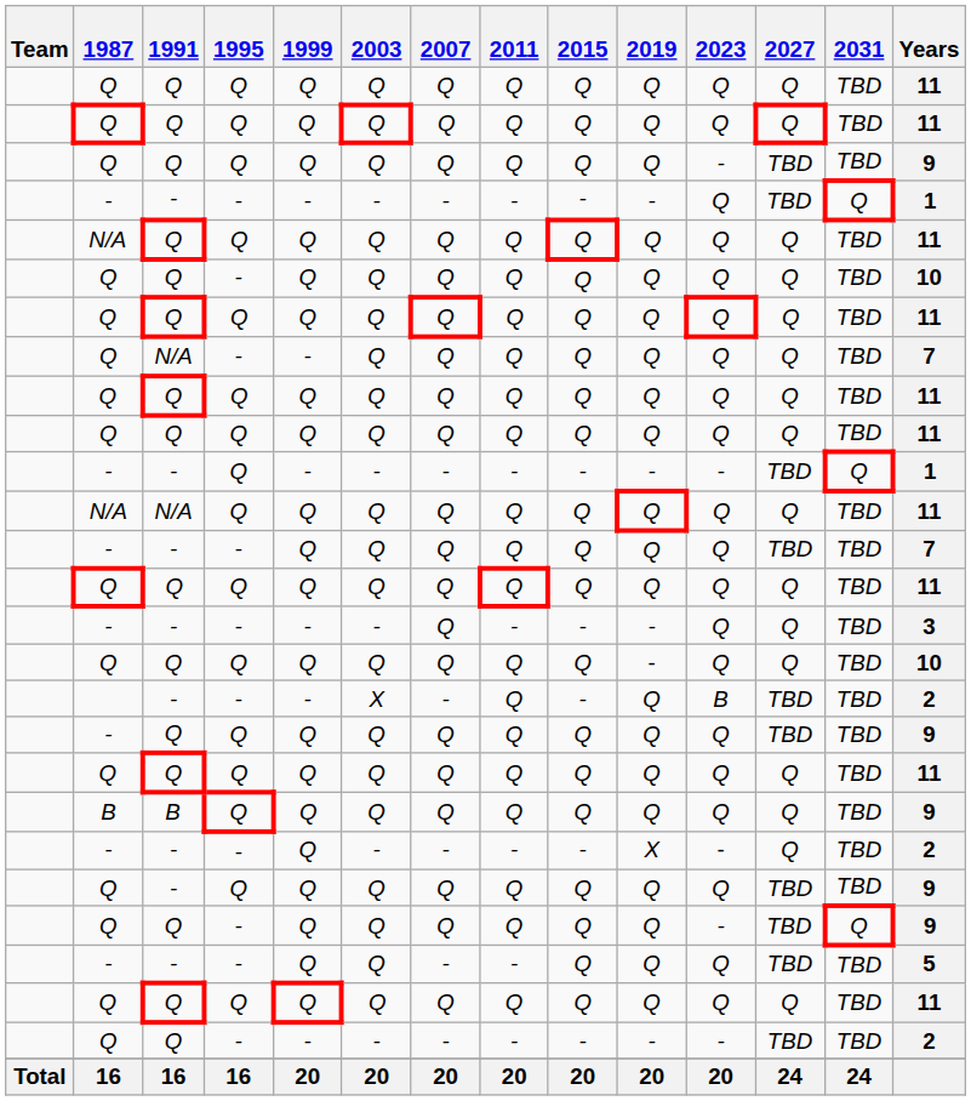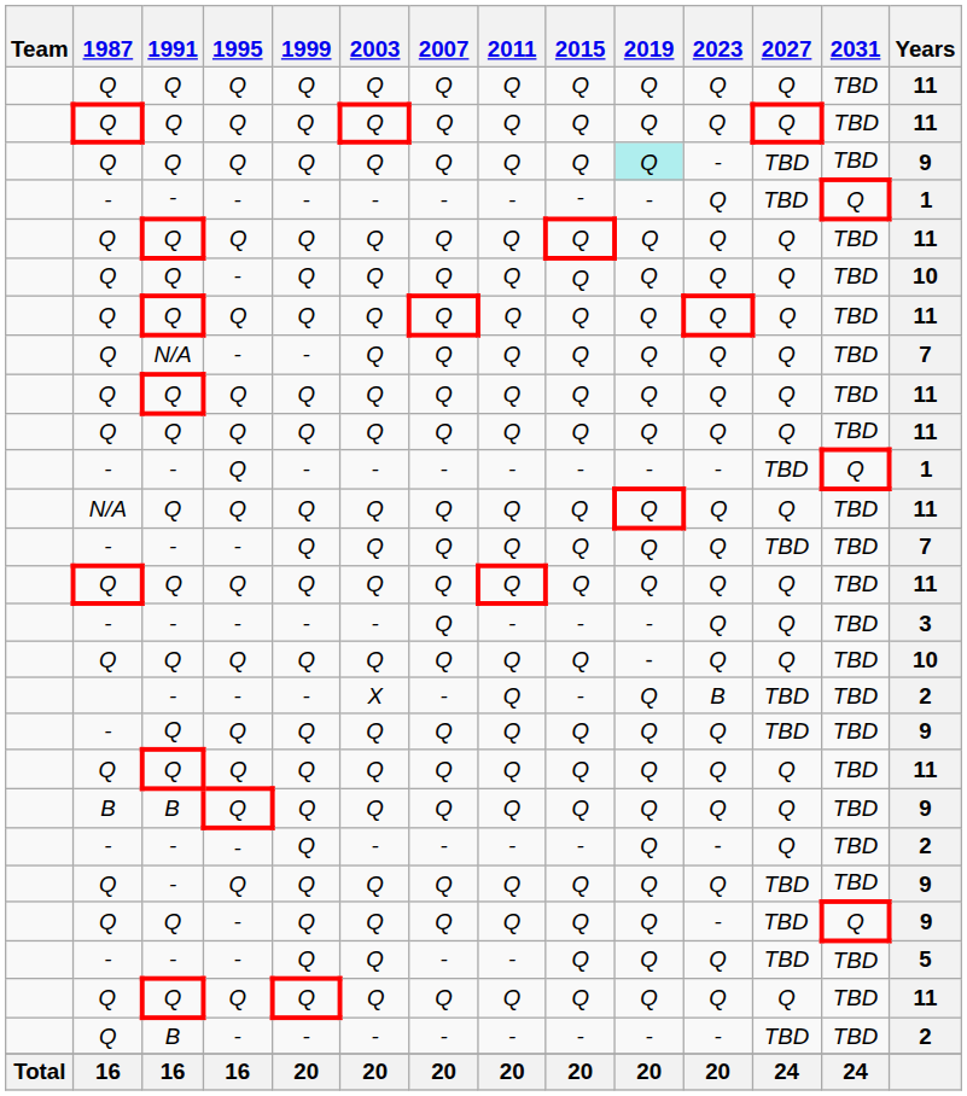 <table class="wikitable" style="text-align:center; font-size:90%">
 <tr valign="bottom">
 <th>Team</th>
 <th width=60><br><a href='#'>1987</a></th>
 <th><br><a href='#'>1991</a></th>
 <th width=60><br><a href='#'>1995</a></th>
 <th width=60><br><a href='#'>1999</a></th>
 <th width=60><br><a href='#'>2003</a></th>
 <th width=60><br><a href='#'>2007</a></th>
 <th width=60><br><a href='#'>2011</a></th>
 <th width=60><br><a href='#'>2015</a></th>
 <th width=60><br><a href='#'>2019</a></th>
 <th width=60><br><a href='#'>2023</a></th>
 <th width=60><br><a href='#'>2027</a></th>
 <th width=60><br><a href='#'>2031</a></th>
 <th>Years</th>
 </tr>
 <tr>
 <td align=left></td>
 <td><em>Q</em></td>
 <td><em>Q</em></td>
 <td><em>Q</em></td>
 <td><em>Q</em></td>
 <td><em>Q</em></td>
 <td><em>Q</em></td>
 <td><em>Q</em></td>
 <td><em>Q</em></td>
 <td><em>Q</em></td>
 <td><em>Q</em></td>
 <td><em>Q</em></td>
 <td><em>TBD</em></td>
 <th>11</th>
 </tr>
 <tr>
 <td align=left></td>
 <td style="border: 3px solid red"><em>Q</em></td>
 <td><em>Q</em></td>
 <td><em>Q</em></td>
 <td><em>Q</em></td>
 <td style="border: 3px solid red"><em>Q</em></td>
 <td><em>Q</em></td>
 <td><em>Q</em></td>
 <td><em>Q</em></td>
 <td><em>Q</em></td>
 <td><em>Q</em></td>
 <td style="border: 3px solid red"><em>Q</em></td>
 <td><em>TBD</em></td>
 <th>11</th>
 </tr>
 <tr>
 <td align=left></td>
 <td><em>Q</em></td>
 <td><em>Q</em></td>
 <td><em>Q</em></td>
 <td><em>Q</em></td>
 <td><em>Q</em></td>
 <td><em>Q</em></td>
 <td><em>Q</em></td>
 <td><em>Q</em></td>
-<td><em>Q</em></td>
+<td style="background: paleturquoise;"><em>Q</em></td>
 <td><em>-</em></td>
 <td><em>TBD</em></td>
 <td><em>TBD</em></td>
 <th>9</th>
 </tr>
 <tr>
 <td align=left></td>
 <td><em>-</em></td>
 <td><em>-</em></td>
 <td><em>-</em></td>
 <td><em>-</em></td>
 <td><em>-</em></td>
 <td><em>-</em></td>
 <td><em>-</em></td>
 <td><em>-</em></td>
 <td><em>-</em></td>
 <td><em>Q</em></td>
 <td><em>TBD</em></td>
 <td style="border: 3px solid red"><em>Q</em></td>
 <th>1</th>
 </tr>
 <tr>
 <td align=left></td>
-<td><em>N/A</em></td>
+<td><em>Q</em></td>
 <td style="border: 3px solid red"><em>Q</em></td>
 <td><em>Q</em></td>
 <td><em>Q</em></td>
 <td><em>Q</em></td>
 <td><em>Q</em></td>
 <td><em>Q</em></td>
 <td style="border: 3px solid red"><em>Q</em></td>
 <td><em>Q</em></td>
 <td><em>Q</em></td>
 <td><em>Q</em></td>
 <td><em>TBD</em></td>
 <th>11</th>
 </tr>
 <tr>
 <td align=left></td>
 <td><em>Q</em></td>
 <td><em>Q</em></td>
 <td><em>-</em></td>
 <td><em>Q</em></td>
 <td><em>Q</em></td>
 <td><em>Q</em></td>
 <td><em>Q</em></td>
 <td><em>Q</em></td>
 <td><em>Q</em></td>
 <td><em>Q</em></td>
 <td><em>Q</em></td>
 <td><em>TBD</em></td>
 <th>10</th>
 </tr>
 <tr>
 <td align=left></td>
 <td><em>Q</em></td>
 <td style="border: 3px solid red"><em>Q</em></td>
 <td><em>Q</em></td>
 <td><em>Q</em></td>
 <td><em>Q</em></td>
 <td style="border: 3px solid red"><em>Q</em></td>
 <td><em>Q</em></td>
 <td><em>Q</em></td>
 <td><em>Q</em></td>
 <td style="border: 3px solid red"><em>Q</em></td>
 <td><em>Q</em></td>
 <td><em>TBD</em></td>
 <th>11</th>
 </tr>
 <tr>
 <td align=left></td>
 <td><em>Q</em></td>
 <td><em>N/A</em></td>
 <td><em>-</em></td>
 <td><em>-</em></td>
 <td><em>Q</em></td>
 <td><em>Q</em></td>
 <td><em>Q</em></td>
 <td><em>Q</em></td>
 <td><em>Q</em></td>
 <td><em>Q</em></td>
 <td><em>Q</em></td>
 <td><em>TBD</em></td>
 <th>7</th>
 </tr>
 <tr>
 <td align=left></td>
 <td><em>Q</em></td>
 <td style="border: 3px solid red"><em>Q</em></td>
 <td><em>Q</em></td>
 <td><em>Q</em></td>
 <td><em>Q</em></td>
 <td><em>Q</em></td>
 <td><em>Q</em></td>
 <td><em>Q</em></td>
 <td><em>Q</em></td>
 <td><em>Q</em></td>
 <td><em>Q</em></td>
 <td><em>TBD</em></td>
 <th>11</th>
 </tr>
 <tr>
 <td align=left></td>
 <td><em>Q</em></td>
 <td><em>Q</em></td>
 <td><em>Q</em></td>
 <td><em>Q</em></td>
 <td><em>Q</em></td>
 <td><em>Q</em></td>
 <td><em>Q</em></td>
 <td><em>Q</em></td>
 <td><em>Q</em></td>
 <td><em>Q</em></td>
 <td><em>Q</em></td>
 <td><em>TBD</em></td>
 <th>11</th>
 </tr>
 <tr>
 <td align=left></td>
 <td><em>-</em></td>
 <td><em>-</em></td>
 <td><em>Q</em></td>
 <td><em>-</em></td>
 <td><em>-</em></td>
 <td><em>-</em></td>
 <td><em>-</em></td>
 <td><em>-</em></td>
 <td><em>-</em></td>
 <td><em>-</em></td>
 <td><em>TBD</em></td>
 <td style="border: 3px solid red"><em>Q</em></td>
 <th>1</th>
 </tr>
 <tr>
 <td align=left></td>
 <td><em>N/A</em></td>
-<td><em>N/A</em></td>
+<td><em>Q</em></td>
 <td><em>Q</em></td>
 <td><em>Q</em></td>
 <td><em>Q</em></td>
 <td><em>Q</em></td>
 <td><em>Q</em></td>
 <td><em>Q</em></td>
 <td style="border: 3px solid red"><em>Q</em></td>
 <td><em>Q</em></td>
 <td><em>Q</em></td>
 <td><em>TBD</em></td>
 <th>11</th>
 </tr>
 <tr>
 <td align=left></td>
 <td><em>-</em></td>
 <td><em>-</em></td>
 <td><em>-</em></td>
 <td><em>Q</em></td>
 <td><em>Q</em></td>
 <td><em>Q</em></td>
 <td><em>Q</em></td>
 <td><em>Q</em></td>
 <td><em>Q</em></td>
 <td><em>Q</em></td>
 <td><em>TBD</em></td>
 <td><em>TBD</em></td>
 <th>7</th>
 </tr>
 <tr>
 <td align=left></td>
 <td style="border: 3px solid red"><em>Q</em></td>
 <td><em>Q</em></td>
 <td><em>Q</em></td>
 <td><em>Q</em></td>
 <td><em>Q</em></td>
 <td><em>Q</em></td>
 <td style="border: 3px solid red"><em>Q</em></td>
 <td><em>Q</em></td>
 <td><em>Q</em></td>
 <td><em>Q</em></td>
 <td><em>Q</em></td>
 <td><em>TBD</em></td>
 <th>11</th>
 </tr>
 <tr>
 <td align=left></td>
 <td><em>-</em></td>
 <td><em>-</em></td>
 <td><em>-</em></td>
 <td><em>-</em></td>
 <td><em>-</em></td>
 <td><em>Q</em></td>
 <td><em>-</em></td>
 <td><em>-</em></td>
 <td><em>-</em></td>
 <td><em>Q</em></td>
 <td><em>Q</em></td>
 <td><em>TBD</em></td>
 <th>3</th>
 </tr>
 <tr>
 <td align=left></td>
 <td><em>Q</em></td>
 <td><em>Q</em></td>
 <td><em>Q</em></td>
 <td><em>Q</em></td>
 <td><em>Q</em></td>
 <td><em>Q</em></td>
 <td><em>Q</em></td>
 <td><em>Q</em></td>
 <td>-</td>
 <td><em>Q</em></td>
 <td><em>Q</em></td>
 <td><em>TBD</em></td>
 <th>10</th>
 </tr>
 <tr>
 <td align=left></td>
 <td><em></em></td>
 <td><em>-</em></td>
 <td><em>-</em></td>
 <td><em>-</em></td>
 <td><em>X</em></td>
 <td><em>-</em></td>
 <td><em>Q</em></td>
 <td><em>-</em></td>
 <td><em>Q</em></td>
 <td><em>B</em></td>
 <td><em>TBD</em></td>
 <td><em>TBD</em></td>
 <th>2</th>
 </tr>
 <tr>
 <td align=left></td>
 <td><em>-</em></td>
 <td><em>Q</em></td>
 <td><em>Q</em></td>
 <td><em>Q</em></td>
 <td><em>Q</em></td>
 <td><em>Q</em></td>
 <td><em>Q</em></td>
 <td><em>Q</em></td>
 <td><em>Q</em></td>
 <td><em>Q</em></td>
 <td><em>TBD</em></td>
 <td><em>TBD</em></td>
 <th>9</th>
 </tr>
 <tr>
 <td align=left></td>
 <td><em>Q</em></td>
 <td style="border: 3px solid red"><em>Q</em></td>
 <td><em>Q</em></td>
 <td><em>Q</em></td>
 <td><em>Q</em></td>
 <td><em>Q</em></td>
 <td><em>Q</em></td>
 <td><em>Q</em></td>
 <td><em>Q</em></td>
 <td><em>Q</em></td>
 <td><em>Q</em></td>
 <td><em>TBD</em></td>
 <th>11</th>
 </tr>
 <tr>
 <td align=left></td>
 <td><em>B</em></td>
 <td><em>B</em></td>
 <td style="border: 3px solid red"><em>Q</em></td>
 <td><em>Q</em></td>
 <td><em>Q</em></td>
 <td><em>Q</em></td>
 <td><em>Q</em></td>
 <td><em>Q</em></td>
 <td><em>Q</em></td>
 <td><em>Q</em></td>
 <td><em>Q</em></td>
 <td><em>TBD</em></td>
 <th>9</th>
 </tr>
 <tr>
 <td align=left></td>
 <td><em>-</em></td>
 <td><em>-</em></td>
 <td><em>-</em></td>
 <td><em>Q</em></td>
 <td><em>-</em></td>
 <td><em>-</em></td>
 <td><em>-</em></td>
 <td><em>-</em></td>
-<td><em>X</em></td>
+<td><em>Q</em></td>
 <td>-</td>
 <td><em>Q</em></td>
 <td><em>TBD</em></td>
 <th>2</th>
 </tr>
 <tr>
 <td align=left></td>
 <td><em>Q</em></td>
 <td><em>-</em></td>
 <td><em>Q</em></td>
 <td><em>Q</em></td>
 <td><em>Q</em></td>
 <td><em>Q</em></td>
 <td><em>Q</em></td>
 <td><em>Q</em></td>
 <td><em>Q</em></td>
 <td><em>Q</em></td>
 <td><em>TBD</em></td>
 <td><em>TBD</em></td>
 <th>9</th>
 </tr>
 <tr>
 <td nowrap align=left></td>
 <td><em>Q</em></td>
 <td><em>Q</em></td>
 <td><em>-</em></td>
 <td><em>Q</em></td>
 <td><em>Q</em></td>
 <td><em>Q</em></td>
 <td><em>Q</em></td>
 <td><em>Q</em></td>
 <td><em>Q</em></td>
 <td><em>-</em></td>
 <td><em>TBD</em></td>
 <td style="border: 3px solid red"><em>Q</em></td>
 <th>9</th>
 </tr>
 <tr>
 <td align=left></td>
 <td><em>-</em></td>
 <td><em>-</em></td>
 <td><em>-</em></td>
 <td><em>Q</em></td>
 <td><em>Q</em></td>
 <td><em>-</em></td>
 <td><em>-</em></td>
 <td><em>Q</em></td>
 <td><em>Q</em></td>
 <td><em>Q</em></td>
 <td><em>TBD</em></td>
 <td><em>TBD</em></td>
 <th>5</th>
 </tr>
 <tr>
 <td align=left></td>
 <td><em>Q</em></td>
 <td style="border: 3px solid red"><em>Q</em></td>
 <td><em>Q</em></td>
 <td style="border: 3px solid red"><em>Q</em></td>
 <td><em>Q</em></td>
 <td><em>Q</em></td>
 <td><em>Q</em></td>
 <td><em>Q</em></td>
 <td><em>Q</em></td>
 <td><em>Q</em></td>
 <td><em>Q</em></td>
 <td><em>TBD</em></td>
 <th>11</th>
 </tr>
 <tr>
 <td align=left></td>
 <td><em>Q</em></td>
-<td><em>Q</em></td>
+<td><em>B</em></td>
 <td><em>-</em></td>
 <td><em>-</em></td>
 <td><em>-</em></td>
 <td><em>-</em></td>
 <td><em>-</em></td>
 <td><em>-</em></td>
 <td><em>-</em></td>
 <td><em>-</em></td>
 <td><em>TBD</em></td>
 <td><em>TBD</em></td>
 <th>2</th>
 </tr>
 <tr>
 </tr>
 <tr>
 </tr>
 <tr>
 <th>Total</th>
 <th>16</th>
 <th>16</th>
 <th>16</th>
 <th>20</th>
 <th>20</th>
 <th>20</th>
 <th>20</th>
 <th>20</th>
 <th>20</th>
 <th>20</th>
 <th>24</th>
 <th>24</th>
 <th></th>
 </tr>
 </table>
